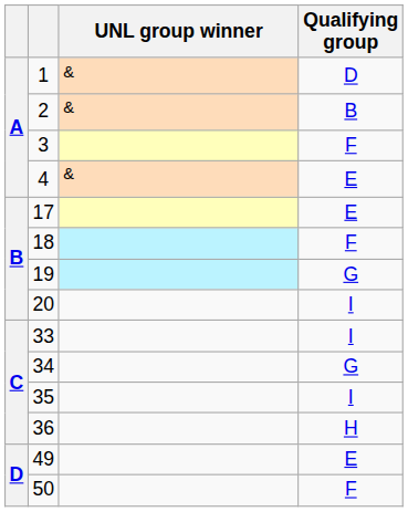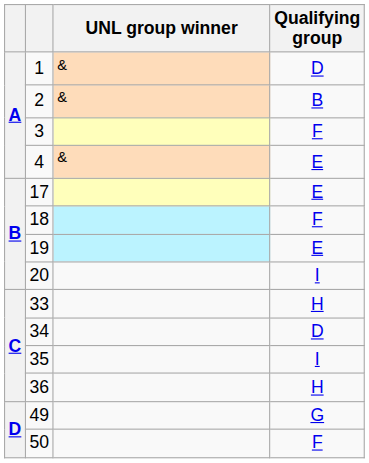 <table class="wikitable" style="text-align:center">
 <tr>
 <th></th>
 <th></th>
 <th style="width:190px">UNL group winner</th>
 <th>Qualifying<br>group</th>
 </tr>
 <tr>
 <th rowspan="4"><a href='#'>A</a></th>
 <td>1</td>
 <td style="text-align:left; background-color:#FEDCBA;"> <sup>&</sup></td>
 <td><a href='#'>D</a></td>
 </tr>
 <tr>
 <td>2</td>
 <td style="text-align:left; background-color:#FEDCBA;"> <sup>&</sup></td>
 <td><a href='#'>B</a></td>
 </tr>
 <tr>
 <td>3</td>
 <td style="text-align:left; background-color:#FFFFBB;"> <sup></sup></td>
 <td><a href='#'>F</a></td>
 </tr>
 <tr>
 <td>4</td>
 <td style="text-align:left; background-color:#FEDCBA;"> <sup>&</sup></td>
 <td><a href='#'>E</a></td>
 </tr>
 <tr>
 <th rowspan="4"><a href='#'>B</a></th>
 <td>17</td>
 <td style="text-align:left; background-color:#FFFFBB;"> <sup></sup></td>
 <td><a href='#'>E</a></td>
 </tr>
 <tr>
 <td>18</td>
 <td style="text-align:left; background-color:#BBF3FF;"><strong></strong> <sup></sup></td>
 <td><a href='#'>F</a></td>
 </tr>
 <tr>
 <td>19</td>
 <td style="text-align:left; background-color:#BBF3FF;"><strong></strong> <sup></sup></td>
-<td><a href='#'>G</a></td>
+<td><a href='#'>E</a></td>
 </tr>
 <tr>
 <td>20</td>
 <td style="text-align:left;"></td>
 <td><a href='#'>I</a></td>
 </tr>
 <tr>
 <th rowspan="4"><a href='#'>C</a></th>
 <td>33</td>
 <td style="text-align:left;"></td>
-<td><a href='#'>I</a></td>
+<td><a href='#'>H</a></td>
 </tr>
 <tr>
 <td>34</td>
 <td style="text-align:left;"></td>
-<td><a href='#'>G</a></td>
+<td><a href='#'>D</a></td>
 </tr>
 <tr>
 <td>35</td>
 <td style="text-align:left;"></td>
 <td><a href='#'>I</a></td>
 </tr>
 <tr>
 <td>36</td>
 <td style="text-align:left;"></td>
 <td><a href='#'>H</a></td>
 </tr>
 <tr>
 <th rowspan="2"><a href='#'>D</a></th>
 <td>49</td>
 <td style="text-align:left;"></td>
-<td><a href='#'>E</a></td>
+<td><a href='#'>G</a></td>
 </tr>
 <tr>
 <td>50</td>
 <td style="text-align:left;"></td>
 <td><a href='#'>F</a></td>
 </tr>
 </table>
